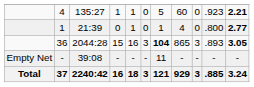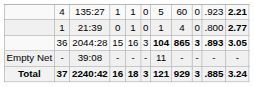 <table class="wikitable sortable">
 <tr align="center">
 </tr>
 <tr align="center" bgcolor="">
 <td></td>
 <td>4</td>
 <td>135:27</td>
 <td>1</td>
 <td>1</td>
 <td>0</td>
 <td>5</td>
 <td>60</td>
 <td>0</td>
 <td>.923</td>
 <td><strong>2.21</strong></td>
 </tr>
 <tr align="center" bgcolor="f0f0f0">
 <td></td>
 <td>1</td>
 <td>21:39</td>
 <td>0</td>
 <td>1</td>
 <td>0</td>
 <td>1</td>
 <td>4</td>
 <td>0</td>
 <td>.800</td>
 <td><strong>2.77</strong></td>
 </tr>
 <tr align="center" bgcolor="">
 <td></td>
 <td>36</td>
 <td>2044:28</td>
 <td>15</td>
 <td>16</td>
 <td>3</td>
 <td><strong>104</strong></td>
-<td>865</td>
-<td>3</td>
-<td>.893</td>
+<td><strong>865</strong></td>
+<td><strong>3</strong></td>
+<td><strong>.893</strong></td>
 <td><strong>3.05</strong></td>
 </tr>
 <tr align="center" bgcolor="f0f0f0">
 <td>Empty Net</td>
 <td>-</td>
 <td>39:08</td>
 <td>-</td>
 <td>-</td>
 <td>-</td>
 <td>11</td>
 <td>-</td>
 <td>-</td>
 <td>-</td>
 <td>-</td>
 </tr>
 <tr>
 <th>Total</th>
 <th>37</th>
 <th>2240:42</th>
 <th>16</th>
 <th>18</th>
 <th>3</th>
 <th>121</th>
 <th>929</th>
 <th>3</th>
 <th>.885</th>
 <th>3.24</th>
 </tr>
 </table>
